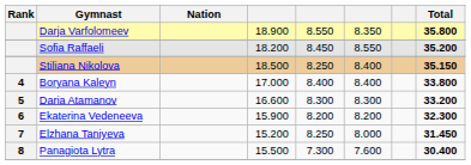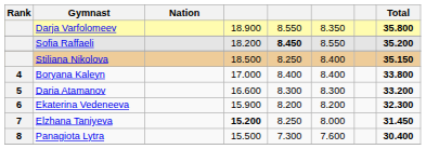 <table class="wikitable sortable" style="text-align:center; font-size:90%">
 <tr>
 <th scope="col" style="width:20px;">Rank</th>
 <th ! scope="col" style="width:170px;">Gymnast</th>
 <th ! scope="col" style="width:120px;">Nation</th>
 <th ! scope="col" style="width:60px;"></th>
 <th ! scope="col" style="width:60px;"></th>
 <th ! scope="col" style="width:60px;"></th>
 <th ! scope="col" style="width:30px;"></th>
 <th ! scope="col" style="width:60px;">Total</th>
 </tr>
 <tr bgcolor=fffcaf>
 <th scope=row></th>
 <td align=left><a href='#'>Darja Varfolomeev</a></td>
 <td align=left></td>
 <td>18.900</td>
 <td>8.550</td>
 <td>8.350</td>
 <td></td>
 <td><strong>35.800</strong></td>
 </tr>
 <tr>
 </tr>
 <tr bgcolor=e5e5e5>
 <th scope=row></th>
 <td align=left><a href='#'>Sofia Raffaeli</a></td>
 <td align=left></td>
 <td>18.200</td>
-<td>8.450</td>
+<td><strong>8.450</strong></td>
 <td>8.550</td>
 <td></td>
 <td><strong>35.200</strong></td>
 </tr>
 <tr>
 </tr>
 <tr bgcolor=eecc99>
 <th scope=row></th>
 <td align=left><a href='#'>Stiliana Nikolova</a></td>
 <td align=left></td>
 <td>18.500</td>
 <td>8.250</td>
 <td>8.400</td>
 <td></td>
 <td><strong>35.150</strong></td>
 </tr>
 <tr>
 <th scope=row>4</th>
 <td align=left><a href='#'>Boryana Kaleyn</a></td>
 <td align=left></td>
 <td>17.000</td>
 <td>8.400</td>
 <td>8.400</td>
 <td></td>
 <td><strong>33.800</strong></td>
 </tr>
 <tr>
 <th scope=row>5</th>
 <td align=left><a href='#'>Daria Atamanov</a></td>
 <td align=left></td>
 <td>16.600</td>
 <td>8.300</td>
 <td>8.300</td>
 <td></td>
 <td><strong>33.200</strong></td>
 </tr>
 <tr>
 <th scope=row>6</th>
 <td align=left><a href='#'>Ekaterina Vedeneeva</a></td>
 <td align=left></td>
 <td>15.900</td>
 <td>8.200</td>
 <td>8.200</td>
 <td></td>
 <td><strong>32.300</strong></td>
 </tr>
 <tr>
 <th scope=row>7</th>
 <td align=left><a href='#'>Elzhana Taniyeva</a></td>
 <td align=left></td>
-<td>15.200</td>
+<td><strong>15.200</strong></td>
 <td>8.250</td>
 <td>8.000</td>
 <td></td>
 <td><strong>31.450</strong></td>
 </tr>
 <tr>
 <th scope=row>8</th>
 <td align=left><a href='#'>Panagiota Lytra</a></td>
 <td align=left></td>
 <td>15.500</td>
 <td>7.300</td>
 <td>7.600</td>
 <td></td>
 <td><strong>30.400</strong></td>
 </tr>
 <tr>
 </tr>
 </table>
